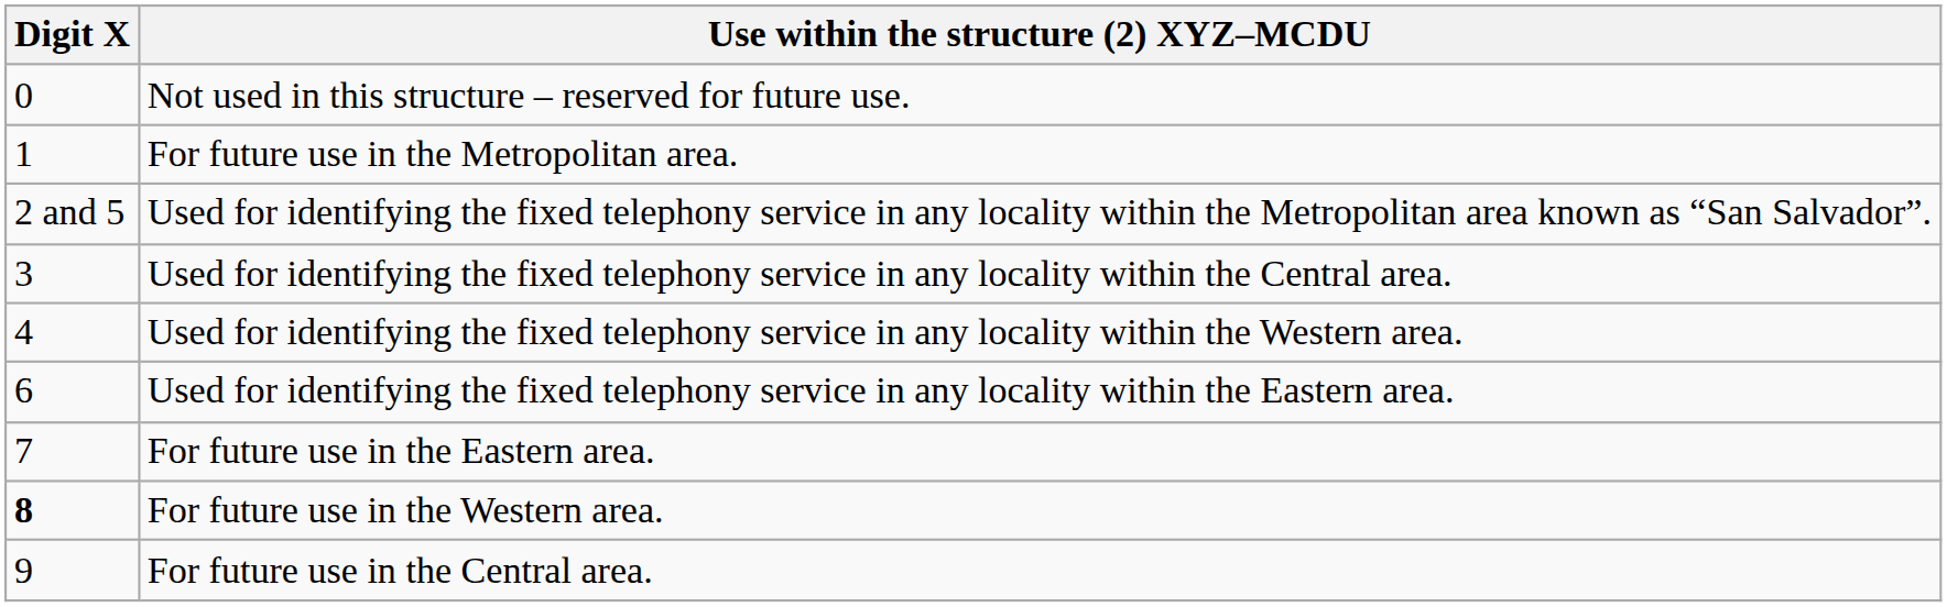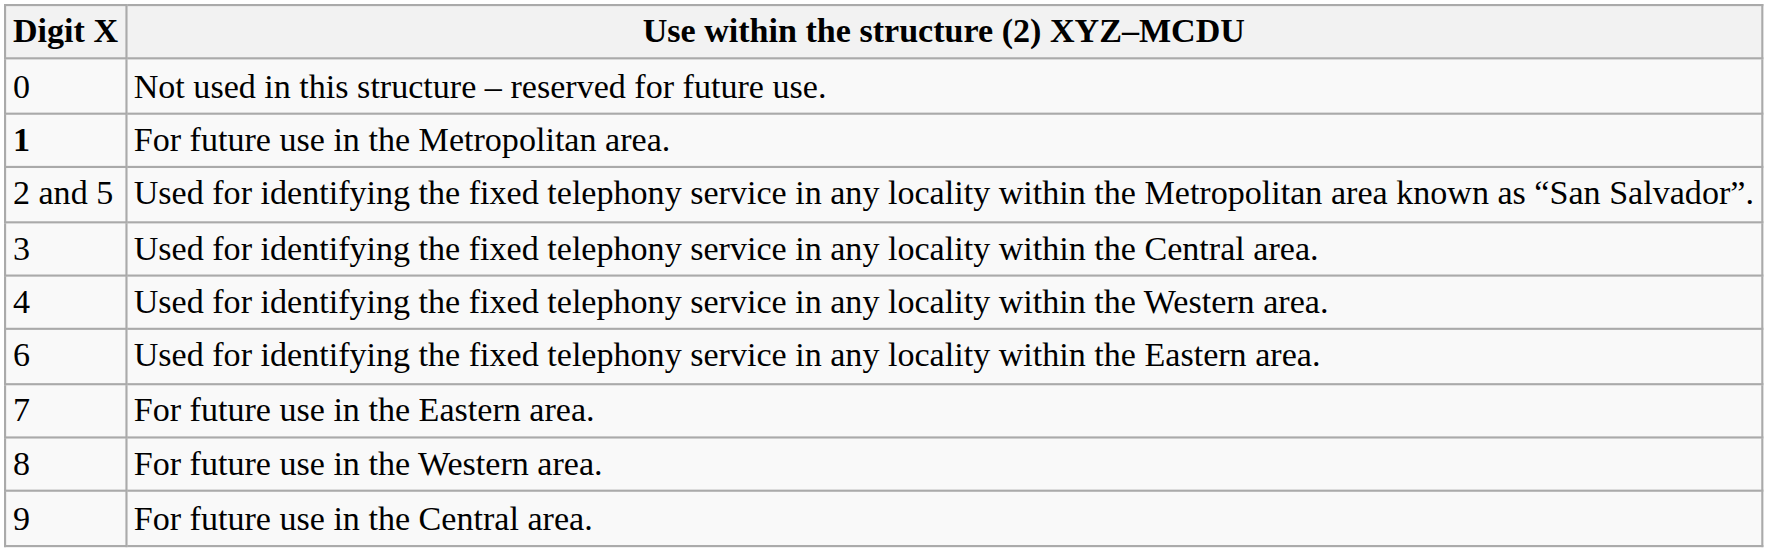 <table class="wikitable" border=1>
 <tr>
 <th>Digit X</th>
 <th>Use within the structure (2) XYZ–MCDU</th>
 </tr>
 <tr>
 <td>0</td>
 <td>Not used in this structure – reserved for future use.</td>
 </tr>
 <tr>
-<td>1</td>
+<td><strong>1</strong></td>
 <td>For future use in the Metropolitan area.</td>
 </tr>
 <tr>
 <td>2 and 5</td>
 <td>Used for identifying the fixed telephony service in any locality within the Metropolitan area known as “San Salvador”.</td>
 </tr>
 <tr>
 <td>3</td>
 <td>Used for identifying the fixed telephony service in any locality within the Central area.</td>
 </tr>
 <tr>
 <td>4</td>
 <td>Used for identifying the fixed telephony service in any locality within the Western area.</td>
 </tr>
 <tr>
 <td>6</td>
 <td>Used for identifying the fixed telephony service in any locality within the Eastern area.</td>
 </tr>
 <tr>
 <td>7</td>
 <td>For future use in the Eastern area.</td>
 </tr>
 <tr>
-<td><strong>8</strong></td>
+<td>8</td>
 <td>For future use in the Western area.</td>
 </tr>
 <tr>
 <td>9</td>
 <td>For future use in the Central area.</td>
 </tr>
 </table>
